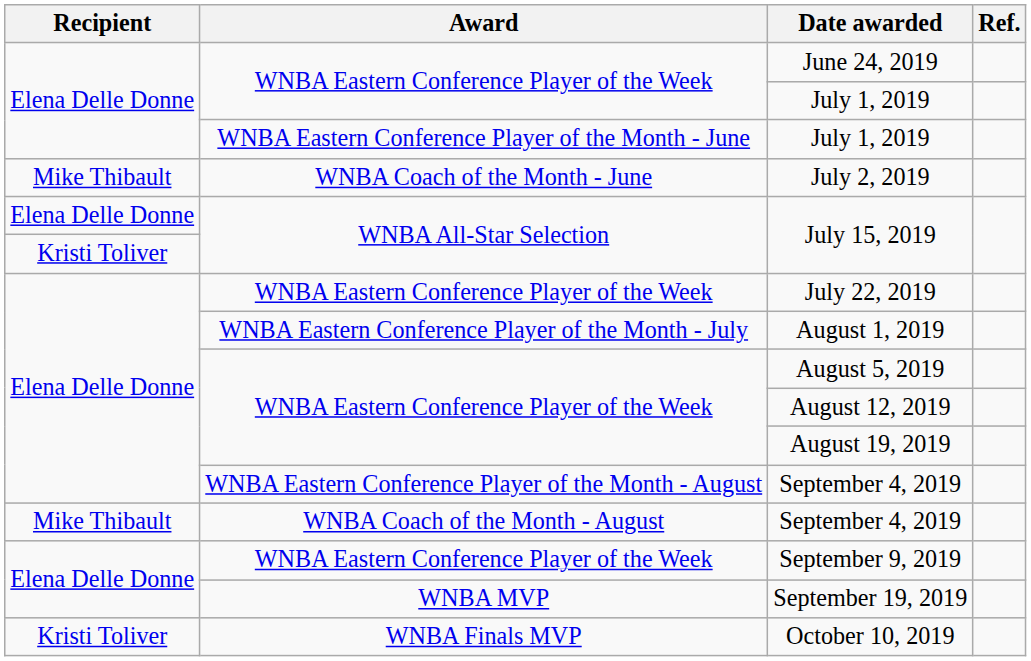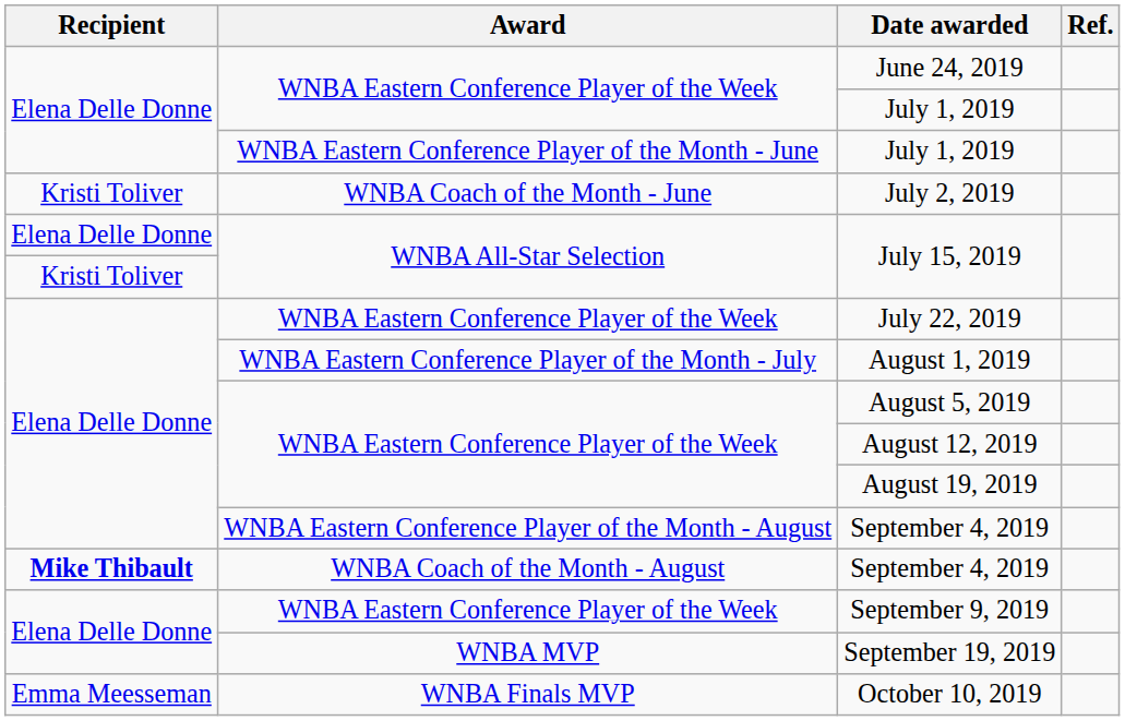 <table class="wikitable sortable sortable" style="text-align: center">
 <tr>
 <th>Recipient</th>
 <th>Award</th>
 <th>Date awarded</th>
 <th>Ref.</th>
 </tr>
 <tr>
 <td rowspan=3><a href='#'>Elena Delle Donne</a></td>
 <td rowspan=2><a href='#'>WNBA Eastern Conference Player of the Week</a></td>
 <td>June 24, 2019</td>
 <td></td>
 </tr>
 <tr>
 <td>July 1, 2019</td>
 <td></td>
 </tr>
 <tr>
 <td><a href='#'>WNBA Eastern Conference Player of the Month - June</a></td>
 <td>July 1, 2019</td>
 <td></td>
 </tr>
 <tr>
-<td><a href='#'>Mike Thibault</a></td>
+<td><a href='#'>Kristi Toliver</a></td>
 <td><a href='#'>WNBA Coach of the Month - June</a></td>
 <td>July 2, 2019</td>
 <td></td>
 </tr>
 <tr>
 <td><a href='#'>Elena Delle Donne</a></td>
 <td rowspan=2><a href='#'>WNBA All-Star Selection</a></td>
 <td rowspan=2>July 15, 2019</td>
 <td rowspan=2></td>
 </tr>
 <tr>
 <td><a href='#'>Kristi Toliver</a></td>
 </tr>
 <tr>
 <td rowspan=6><a href='#'>Elena Delle Donne</a></td>
 <td><a href='#'>WNBA Eastern Conference Player of the Week</a></td>
 <td>July 22, 2019</td>
 <td></td>
 </tr>
 <tr>
 <td><a href='#'>WNBA Eastern Conference Player of the Month - July</a></td>
 <td>August 1, 2019</td>
 <td></td>
 </tr>
 <tr>
 <td rowspan=3><a href='#'>WNBA Eastern Conference Player of the Week</a></td>
 <td>August 5, 2019</td>
 <td></td>
 </tr>
 <tr>
 <td>August 12, 2019</td>
 <td></td>
 </tr>
 <tr>
 <td>August 19, 2019</td>
 <td></td>
 </tr>
 <tr>
 <td><a href='#'>WNBA Eastern Conference Player of the Month - August</a></td>
 <td>September 4, 2019</td>
 <td></td>
 </tr>
 <tr>
-<td><a href='#'>Mike Thibault</a></td>
+<td><strong><a href='#'>Mike Thibault</a></strong></td>
 <td><a href='#'>WNBA Coach of the Month - August</a></td>
 <td>September 4, 2019</td>
 <td></td>
 </tr>
 <tr>
 <td rowspan=2><a href='#'>Elena Delle Donne</a></td>
 <td><a href='#'>WNBA Eastern Conference Player of the Week</a></td>
 <td>September 9, 2019</td>
 <td></td>
 </tr>
 <tr>
 <td><a href='#'>WNBA MVP</a></td>
 <td>September 19, 2019</td>
 <td></td>
 </tr>
 <tr>
-<td><a href='#'>Kristi Toliver</a></td>
+<td><a href='#'>Emma Meesseman</a></td>
 <td><a href='#'>WNBA Finals MVP</a></td>
 <td>October 10, 2019</td>
 <td></td>
 </tr>
 </table>
